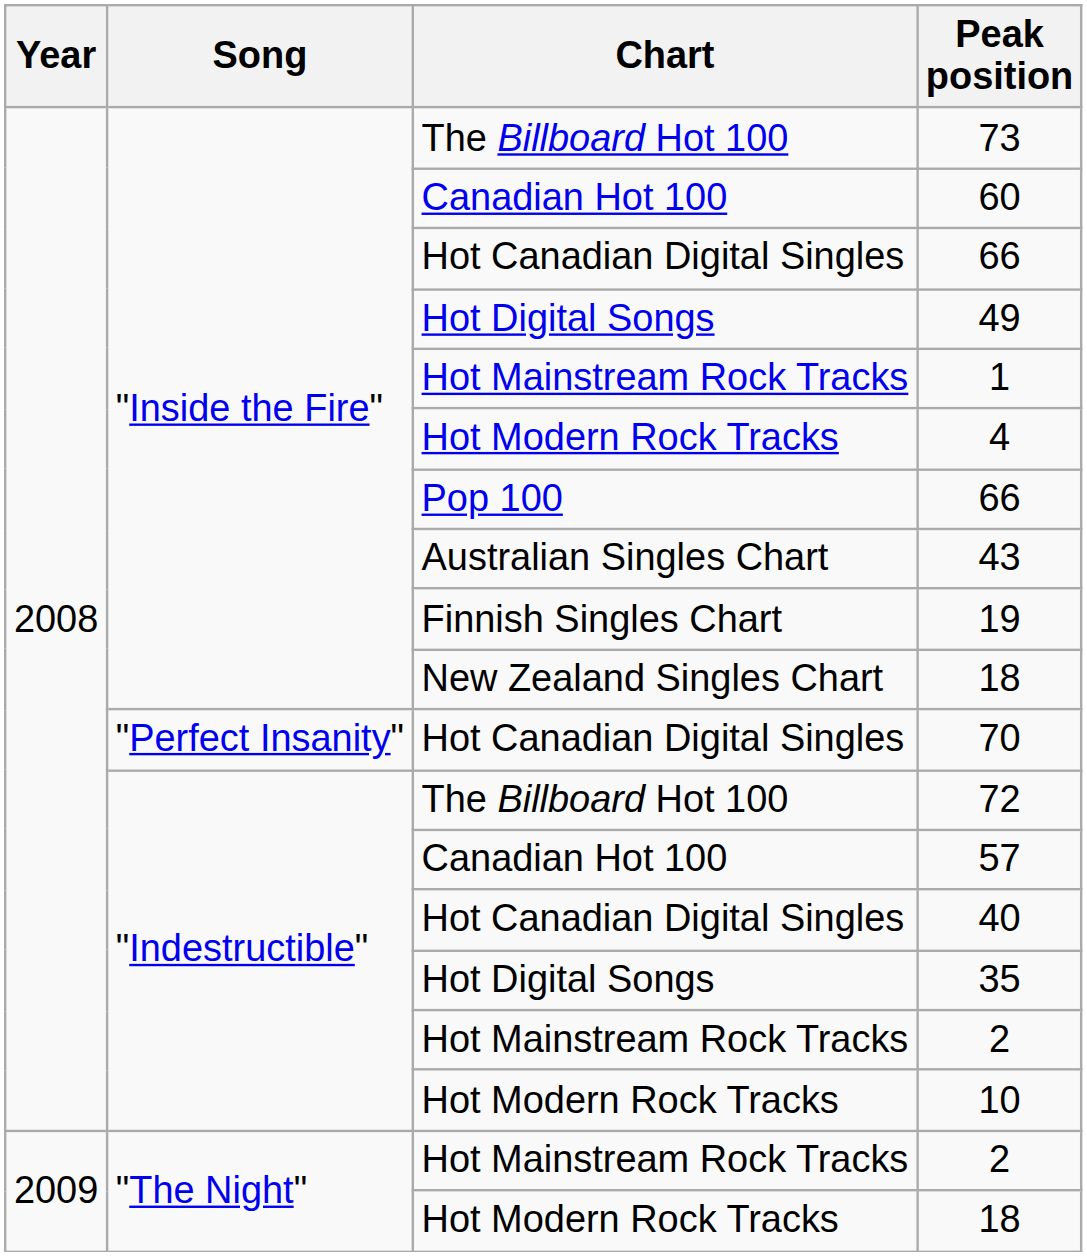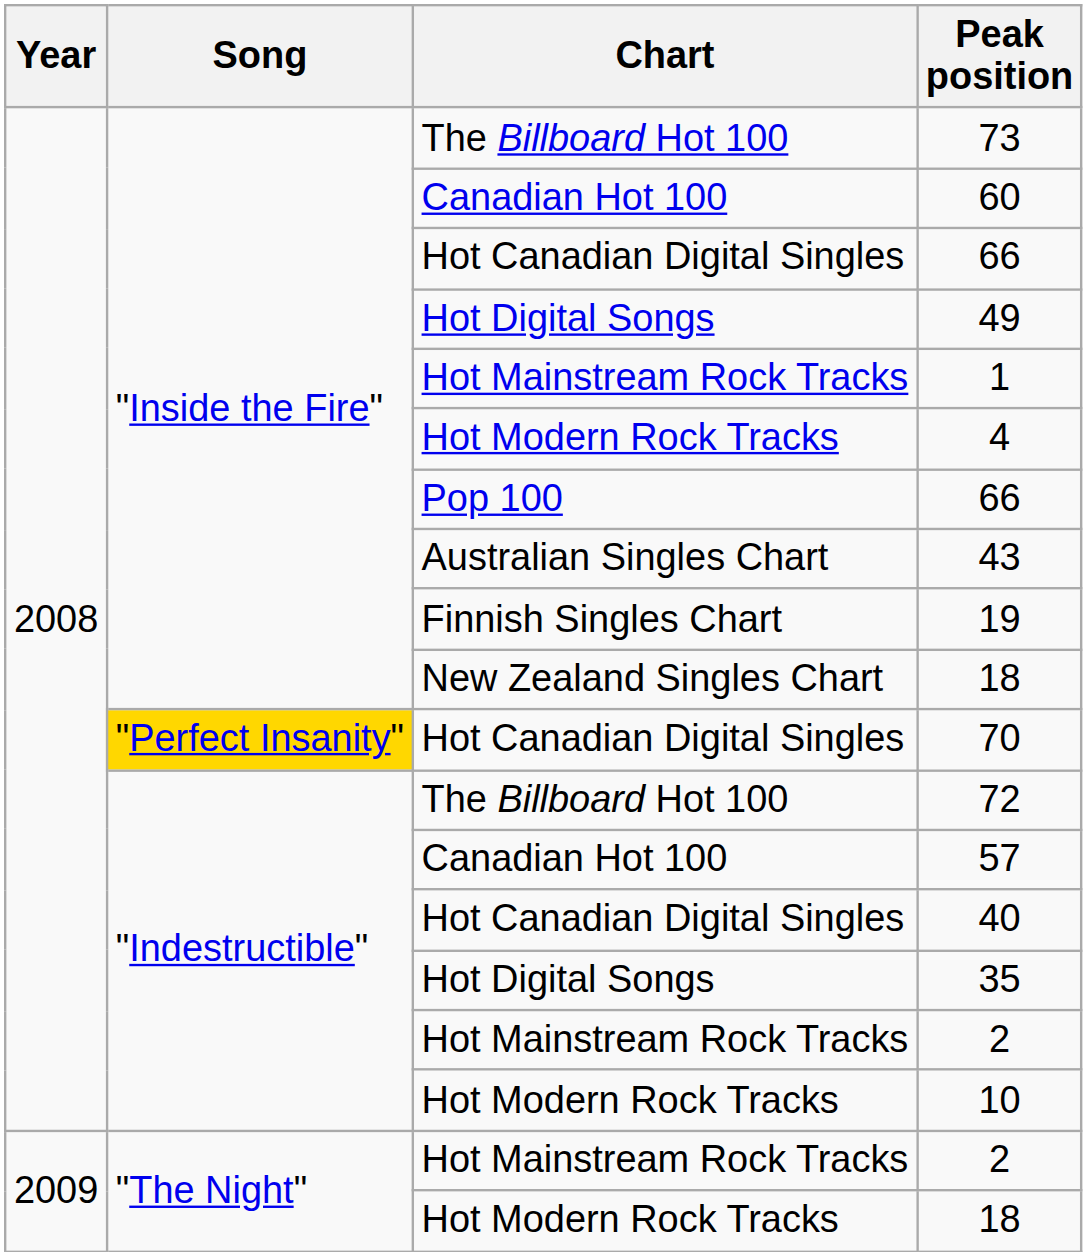 <table class="wikitable">
 <tr>
 <th>Year</th>
 <th>Song</th>
 <th>Chart</th>
 <th>Peak<br>position</th>
 </tr>
 <tr>
 <td rowspan="17">2008</td>
 <td rowspan="10">"<a href='#'>Inside the Fire</a>"</td>
 <td>The <a href='#'><em>Billboard</em> Hot 100</a></td>
 <td style="text-align:center;">73</td>
 </tr>
 <tr>
 <td><a href='#'>Canadian Hot 100</a></td>
 <td style="text-align:center;">60</td>
 </tr>
 <tr>
 <td>Hot Canadian Digital Singles</td>
 <td style="text-align:center;">66</td>
 </tr>
 <tr>
 <td><a href='#'>Hot Digital Songs</a></td>
 <td style="text-align:center;">49</td>
 </tr>
 <tr>
 <td><a href='#'>Hot Mainstream Rock Tracks</a></td>
 <td style="text-align:center;">1</td>
 </tr>
 <tr>
 <td><a href='#'>Hot Modern Rock Tracks</a></td>
 <td style="text-align:center;">4</td>
 </tr>
 <tr>
 <td><a href='#'>Pop 100</a></td>
 <td style="text-align:center;">66</td>
 </tr>
 <tr>
 <td>Australian Singles Chart</td>
 <td style="text-align:center;">43</td>
 </tr>
 <tr>
 <td>Finnish Singles Chart</td>
 <td style="text-align:center;">19</td>
 </tr>
 <tr>
 <td>New Zealand Singles Chart</td>
 <td style="text-align:center;">18</td>
 </tr>
 <tr>
-<td>"<a href='#'>Perfect Insanity</a>"</td>
+<td style="background: gold;">"<a href='#'>Perfect Insanity</a>"</td>
 <td>Hot Canadian Digital Singles</td>
 <td style="text-align:center;">70</td>
 </tr>
 <tr>
 <td rowspan="6">"<a href='#'>Indestructible</a>"</td>
 <td>The <em>Billboard</em> Hot 100</td>
 <td style="text-align:center;">72</td>
 </tr>
 <tr>
 <td>Canadian Hot 100</td>
 <td style="text-align:center;">57</td>
 </tr>
 <tr>
 <td>Hot Canadian Digital Singles</td>
 <td style="text-align:center;">40</td>
 </tr>
 <tr>
 <td>Hot Digital Songs</td>
 <td style="text-align:center;">35</td>
 </tr>
 <tr>
 <td>Hot Mainstream Rock Tracks</td>
 <td style="text-align:center;">2</td>
 </tr>
 <tr>
 <td>Hot Modern Rock Tracks</td>
 <td style="text-align:center;">10</td>
 </tr>
 <tr>
 <td rowspan="2">2009</td>
 <td rowspan="2">"<a href='#'>The Night</a>"</td>
 <td>Hot Mainstream Rock Tracks</td>
 <td style="text-align:center;">2</td>
 </tr>
 <tr>
 <td>Hot Modern Rock Tracks</td>
 <td style="text-align:center;">18</td>
 </tr>
 </table>
